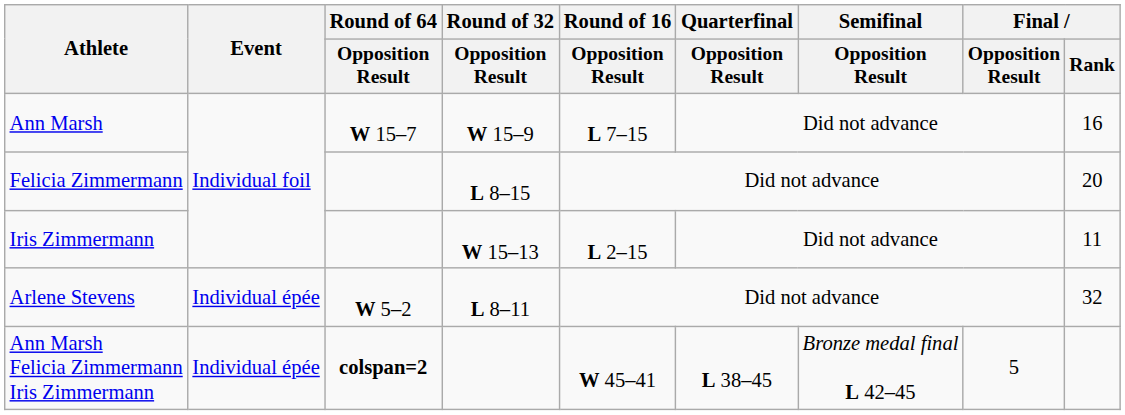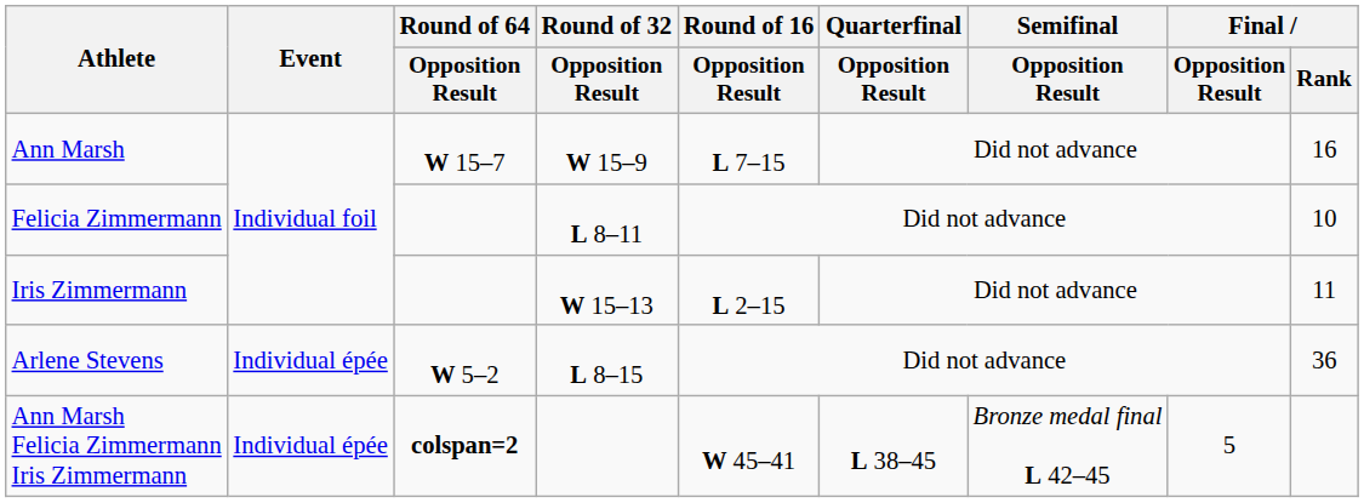 <table class=wikitable style=font-size:90%;text-align:center>
 <tr>
 <th rowspan=2>Athlete</th>
 <th rowspan=2>Event</th>
 <th>Round of 64</th>
 <th>Round of 32</th>
 <th>Round of 16</th>
 <th>Quarterfinal</th>
 <th>Semifinal</th>
 <th colspan=2>Final / </th>
 </tr>
 <tr style=font-size:95%>
 <th>Opposition<br>Result</th>
 <th>Opposition<br>Result</th>
 <th>Opposition<br>Result</th>
 <th>Opposition<br>Result</th>
 <th>Opposition<br>Result</th>
 <th>Opposition<br>Result</th>
 <th>Rank</th>
 </tr>
 <tr>
 <td align=left><a href='#'>Ann Marsh</a></td>
 <td align=left rowspan=3><a href='#'>Individual foil</a></td>
 <td><br><strong>W</strong> 15–7</td>
 <td><br><strong>W</strong> 15–9</td>
 <td><br><strong>L</strong> 7–15</td>
 <td colspan=3>Did not advance</td>
 <td>16</td>
 </tr>
 <tr>
 <td align=left><a href='#'>Felicia Zimmermann</a></td>
 <td></td>
-<td><br><strong>L</strong> 8–15</td>
+<td><br><strong>L</strong> 8–11</td>
 <td colspan=4>Did not advance</td>
-<td>20</td>
+<td>10</td>
 </tr>
 <tr>
 <td align=left><a href='#'>Iris Zimmermann</a></td>
 <td></td>
 <td><br><strong>W</strong> 15–13</td>
 <td><br><strong>L</strong> 2–15</td>
 <td colspan=3>Did not advance</td>
 <td>11</td>
 </tr>
 <tr>
 <td align=left><a href='#'>Arlene Stevens</a></td>
 <td align=left><a href='#'>Individual épée</a></td>
 <td><br><strong>W</strong> 5–2</td>
-<td><br><strong>L</strong> 8–11</td>
+<td><br><strong>L</strong> 8–15</td>
 <td colspan=4>Did not advance</td>
-<td>32</td>
+<td>36</td>
 </tr>
 <tr>
 <td align=left><a href='#'>Ann Marsh</a><br><a href='#'>Felicia Zimmermann</a><br><a href='#'>Iris Zimmermann</a></td>
 <td align=left><a href='#'>Individual épée</a></td>
 <td><strong>colspan=2 </strong></td>
 <td></td>
 <td><br><strong>W</strong> 45–41</td>
 <td><br><strong>L</strong> 38–45</td>
 <td><em>Bronze medal final</em><br><br><strong>L</strong> 42–45</td>
 <td>5</td>
 </tr>
 </table>
